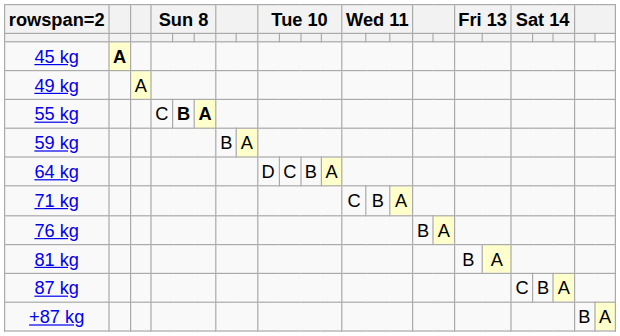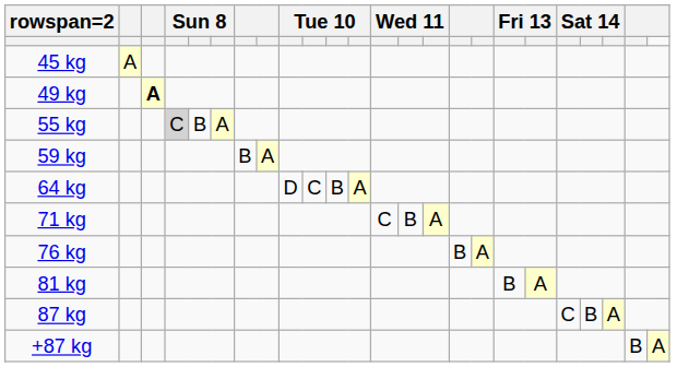 <table class="wikitable" style="text-align:center; font-size:95%">
 <tr>
 <th>rowspan=2 </th>
 <th></th>
 <th></th>
 <th colspan=3>Sun 8</th>
 <th colspan=2></th>
 <th colspan=4>Tue 10</th>
 <th colspan=3>Wed 11</th>
 <th colspan=2></th>
 <th colspan=2>Fri 13</th>
 <th colspan=3>Sat 14</th>
 <th colspan=2></th>
 </tr>
 <tr>
 <th></th>
 <th></th>
 <th></th>
 <th></th>
 <th></th>
 <th></th>
 <th></th>
 <th></th>
 <th></th>
 <th></th>
 <th></th>
 <th></th>
 <th></th>
 <th></th>
 <th></th>
 <th></th>
 <th></th>
 <th></th>
 <th></th>
 <th></th>
 <th></th>
 <th></th>
 <th></th>
 </tr>
 <tr>
 <td><a href='#'>45 kg</a></td>
-<td style="background-color:#ffffcc;"><strong>A</strong></td>
+<td style="background-color:#ffffcc;">A</td>
 <td></td>
 <td colspan=3></td>
 <td colspan=2></td>
 <td colspan=4></td>
 <td colspan=3></td>
 <td colspan=2></td>
 <td colspan=2></td>
 <td colspan=3></td>
 <td colspan=2></td>
 </tr>
 <tr>
 <td><a href='#'>49 kg</a></td>
 <td></td>
-<td style="background-color:#ffffcc;">A</td>
+<td style="background-color:#ffffcc;"><strong>A</strong></td>
 <td colspan=3></td>
 <td colspan=2></td>
 <td colspan=4></td>
 <td colspan=3></td>
 <td colspan=2></td>
 <td colspan=2></td>
 <td colspan=3></td>
 <td colspan=2></td>
 </tr>
 <tr>
 <td><a href='#'>55 kg</a></td>
 <td></td>
 <td></td>
-<td>C</td>
-<td><strong>B</strong></td>
-<td style="background-color:#ffffcc;"><strong>A</strong></td>
+<td style="background: lightgrey;">C</td>
+<td>B</td>
+<td style="background-color:#ffffcc;">A</td>
 <td colspan=2></td>
 <td colspan=4></td>
 <td colspan=3></td>
 <td colspan=2></td>
 <td colspan=2></td>
 <td colspan=3></td>
 <td colspan=2></td>
 </tr>
 <tr>
 <td><a href='#'>59 kg</a></td>
 <td></td>
 <td></td>
 <td colspan=3></td>
 <td>B</td>
 <td style="background-color:#ffffcc;">A</td>
 <td colspan=4></td>
 <td colspan=3></td>
 <td colspan=2></td>
 <td colspan=2></td>
 <td colspan=3></td>
 <td colspan=2></td>
 </tr>
 <tr>
 <td><a href='#'>64 kg</a></td>
 <td></td>
 <td></td>
 <td colspan=3></td>
 <td colspan=2></td>
 <td>D</td>
 <td>C</td>
 <td>B</td>
 <td style="background-color:#ffffcc;">A</td>
 <td colspan=3></td>
 <td colspan=2></td>
 <td colspan=2></td>
 <td colspan=3></td>
 <td colspan=2></td>
 </tr>
 <tr>
 <td><a href='#'>71 kg</a></td>
 <td></td>
 <td></td>
 <td colspan=3></td>
 <td colspan=2></td>
 <td colspan=4></td>
 <td>C</td>
 <td>B</td>
 <td style="background-color:#ffffcc;">A</td>
 <td colspan=2></td>
 <td colspan=2></td>
 <td colspan=3></td>
 <td colspan=2></td>
 </tr>
 <tr>
 <td><a href='#'>76 kg</a></td>
 <td></td>
 <td></td>
 <td colspan=3></td>
 <td colspan=2></td>
 <td colspan=4></td>
 <td colspan=3></td>
 <td>B</td>
 <td style="background-color:#ffffcc;">A</td>
 <td colspan=2></td>
 <td colspan=3></td>
 <td colspan=2></td>
 </tr>
 <tr>
 <td><a href='#'>81 kg</a></td>
 <td></td>
 <td></td>
 <td colspan=3></td>
 <td colspan=2></td>
 <td colspan=4></td>
 <td colspan=3></td>
 <td colspan=2></td>
 <td>B</td>
 <td style="background-color:#ffffcc;">A</td>
 <td colspan=3></td>
 <td colspan=2></td>
 </tr>
 <tr>
 <td><a href='#'>87 kg</a></td>
 <td></td>
 <td></td>
 <td colspan=3></td>
 <td colspan=2></td>
 <td colspan=4></td>
 <td colspan=3></td>
 <td colspan=2></td>
 <td colspan=2></td>
 <td>C</td>
 <td>B</td>
 <td style="background-color:#ffffcc;">A</td>
 <td colspan=2></td>
 </tr>
 <tr>
 <td><a href='#'>+87 kg</a></td>
 <td></td>
 <td></td>
 <td colspan=3></td>
 <td colspan=2></td>
 <td colspan=4></td>
 <td colspan=3></td>
 <td colspan=2></td>
 <td colspan=2></td>
 <td colspan=3></td>
 <td>B</td>
 <td style="background-color:#ffffcc;">A</td>
 </tr>
 </table>
